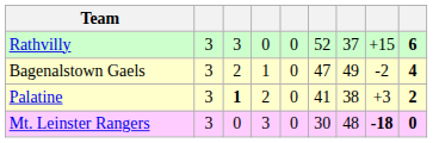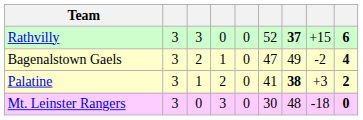 <table class="wikitable" style="text-align:center">
 <tr>
 <th style="width:175px;">Team</th>
 <th width="20"></th>
 <th width="20"></th>
 <th width="20"></th>
 <th width="20"></th>
 <th width="20"></th>
 <th width="20"></th>
 <th width="20"></th>
 <th width="20"></th>
 </tr>
 <tr style="background:#cfc;">
 <td style="text-align:left;"> <a href='#'>Rathvilly</a></td>
 <td>3</td>
 <td>3</td>
 <td>0</td>
 <td>0</td>
 <td>52</td>
-<td>37</td>
+<td><strong>37</strong></td>
 <td>+15</td>
 <td><strong>6</strong></td>
 </tr>
 <tr style="background:#ffc;">
 <td style="text-align:left;"> Bagenalstown Gaels</td>
 <td>3</td>
 <td>2</td>
 <td>1</td>
 <td>0</td>
 <td>47</td>
 <td>49</td>
 <td>-2</td>
 <td><strong>4</strong></td>
 </tr>
 <tr style="background:#ffc;">
 <td style="text-align:left;"> <a href='#'>Palatine</a></td>
 <td>3</td>
-<td><strong>1</strong></td>
+<td>1</td>
 <td>2</td>
 <td>0</td>
 <td>41</td>
-<td>38</td>
+<td><strong>38</strong></td>
 <td>+3</td>
 <td><strong>2</strong></td>
 </tr>
 <tr style="background:#fcf;">
 <td style="text-align:left;"> <a href='#'>Mt. Leinster Rangers</a></td>
 <td>3</td>
 <td>0</td>
 <td>3</td>
 <td>0</td>
 <td>30</td>
 <td>48</td>
-<td><strong>-18</strong></td>
+<td>-18</td>
 <td><strong>0</strong></td>
 </tr>
 </table>
